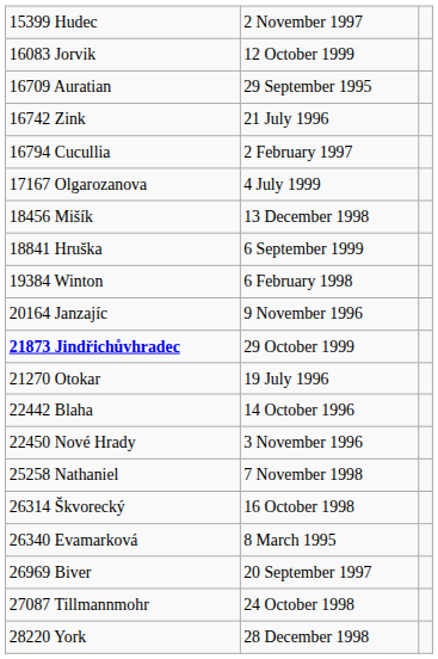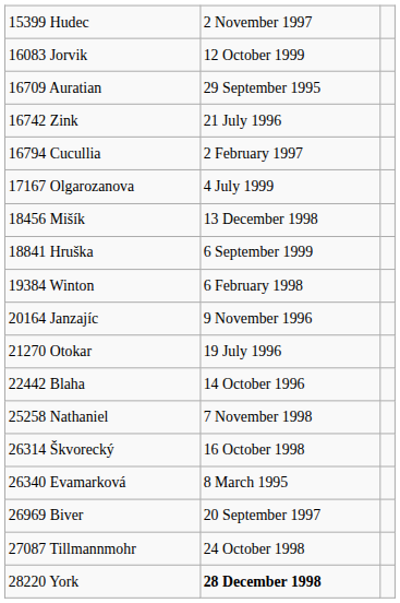 <table class="wikitable" style="font-size: 89%; float: left; width: 26em; margin-right: 1em; height: 560px;">
 <tr>
 <td>15399 Hudec</td>
 <td>2 November 1997</td>
 <td> </td>
 </tr>
 <tr>
 <td>16083 Jorvik</td>
 <td>12 October 1999</td>
 <td> </td>
 </tr>
 <tr>
 <td>16709 Auratian</td>
 <td>29 September 1995</td>
 <td></td>
 </tr>
 <tr>
 <td>16742 Zink</td>
 <td>21 July 1996</td>
 <td> </td>
 </tr>
 <tr>
 <td>16794 Cucullia</td>
 <td>2 February 1997</td>
 <td> </td>
 </tr>
 <tr>
 <td>17167 Olgarozanova</td>
 <td>4 July 1999</td>
 <td> </td>
 </tr>
 <tr>
 <td>18456 Mišík</td>
 <td>13 December 1998</td>
 <td> </td>
 </tr>
 <tr>
 <td>18841 Hruška</td>
 <td>6 September 1999</td>
 <td> </td>
 </tr>
 <tr>
 <td>19384 Winton</td>
 <td>6 February 1998</td>
 <td> </td>
 </tr>
 <tr>
 <td>20164 Janzajíc</td>
 <td>9 November 1996</td>
 <td> </td>
 </tr>
 <tr>
-<td><strong><a href='#'>21873 Jindřichůvhradec</a></strong></td>
-<td>29 October 1999</td>
-<td> </td>
-</tr>
-<tr>
 <td>21270 Otokar</td>
 <td>19 July 1996</td>
 <td> </td>
 </tr>
 <tr>
 <td>22442 Blaha</td>
 <td>14 October 1996</td>
-<td> </td>
-</tr>
-<tr>
-<td>22450 Nové Hrady</td>
-<td>3 November 1996</td>
 <td> </td>
 </tr>
 <tr>
 <td>25258 Nathaniel</td>
 <td>7 November 1998</td>
 <td> </td>
 </tr>
 <tr>
 <td>26314 Škvorecký</td>
 <td>16 October 1998</td>
 <td> </td>
 </tr>
 <tr>
 <td>26340 Evamarková</td>
 <td>8 March 1995</td>
 <td> </td>
 </tr>
 <tr>
 <td>26969 Biver</td>
 <td>20 September 1997</td>
 <td> </td>
 </tr>
 <tr>
 <td>27087 Tillmannmohr</td>
 <td>24 October 1998</td>
 <td> </td>
 </tr>
 <tr>
 <td>28220 York</td>
-<td>28 December 1998</td>
+<td><strong>28 December 1998</strong></td>
 <td> </td>
 </tr>
 </table>
